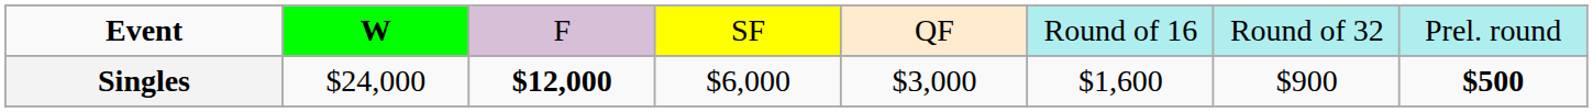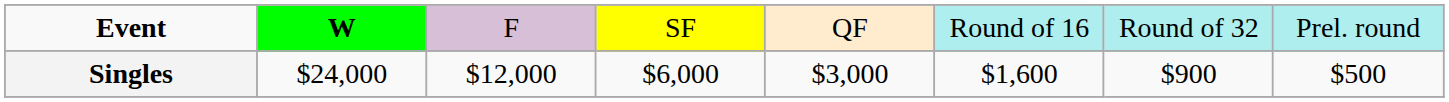 <table class=wikitable style=font-size:95%;text-align:center>
 <tr>
 <td style="width:130px"><strong>Event</strong></td>
 <td style="width:85px; background:lime"><strong>W</strong></td>
 <td style="width:85px; background:thistle">F</td>
 <td style="width:85px; background:#ffff00">SF</td>
 <td style="width:85px; background:#ffebcd">QF</td>
 <td style="width:85px; background:#afeeee">Round of 16</td>
 <td style="width:85px; background:#afeeee">Round of 32</td>
 <td style="width:85px; background:#afeeee">Prel. round</td>
 </tr>
 <tr>
 <th style=background:#f3f3f3>Singles </th>
 <td>$24,000</td>
-<td><strong>$12,000</strong></td>
+<td>$12,000</td>
 <td>$6,000</td>
 <td>$3,000</td>
 <td>$1,600</td>
 <td>$900</td>
-<td><strong>$500</strong></td>
+<td>$500</td>
 </tr>
 </table>
